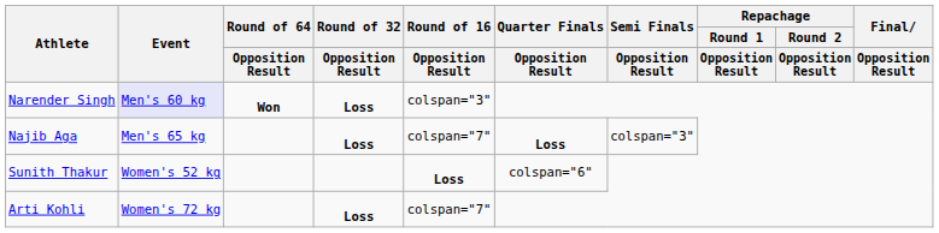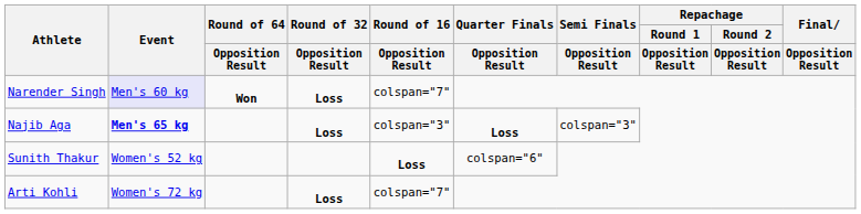 <table class="wikitable" style="font-size:90%; text-align:center">
 <tr>
 <th rowspan="3">Athlete</th>
 <th rowspan="3">Event</th>
 <th rowspan="2">Round of 64</th>
 <th rowspan="2">Round of 32</th>
 <th rowspan="2">Round of 16</th>
 <th rowspan="2">Quarter Finals</th>
 <th rowspan="2">Semi Finals</th>
 <th colspan="2">Repachage</th>
 <th colspan="2" rowspan="2">Final/</th>
 </tr>
 <tr>
 <th>Round 1</th>
 <th>Round 2</th>
 </tr>
 <tr style="font-size:95%">
 <th>Opposition <br> Result</th>
 <th>Opposition <br> Result</th>
 <th>Opposition <br> Result</th>
 <th>Opposition <br> Result</th>
 <th>Opposition <br> Result</th>
 <th>Opposition <br> Result</th>
 <th>Opposition <br> Result</th>
 <th>Opposition <br> Result</th>
 </tr>
 <tr align=center>
 <td align=left><a href='#'>Narender Singh</a></td>
 <td align=left style="background: lavender;"><a href='#'>Men's 60 kg</a></td>
 <td> <br> <strong>Won</strong></td>
 <td> <br> <strong>Loss</strong></td>
-<td>colspan="3" </td>
+<td>colspan="7" </td>
 </tr>
 <tr>
 <td align=left><a href='#'>Najib Aga</a></td>
-<td align=left><a href='#'>Men's 65 kg</a></td>
+<td align=left><strong><a href='#'>Men's 65 kg</a></strong></td>
 <td></td>
 <td> <br> <strong>Loss</strong></td>
-<td>colspan="7" </td>
+<td>colspan="3" </td>
 <td> <br> <strong>Loss</strong></td>
 <td>colspan="3" </td>
 </tr>
 <tr>
 <td align=left><a href='#'>Sunith Thakur</a></td>
 <td align=left><a href='#'>Women's 52 kg</a></td>
 <td></td>
 <td></td>
 <td> <br> <strong>Loss</strong></td>
 <td>colspan="6" </td>
 </tr>
 <tr>
 <td align=left><a href='#'>Arti Kohli</a></td>
 <td align=left><a href='#'>Women's 72 kg</a></td>
 <td></td>
 <td> <br> <strong>Loss</strong></td>
 <td>colspan="7" </td>
 </tr>
 </table>
